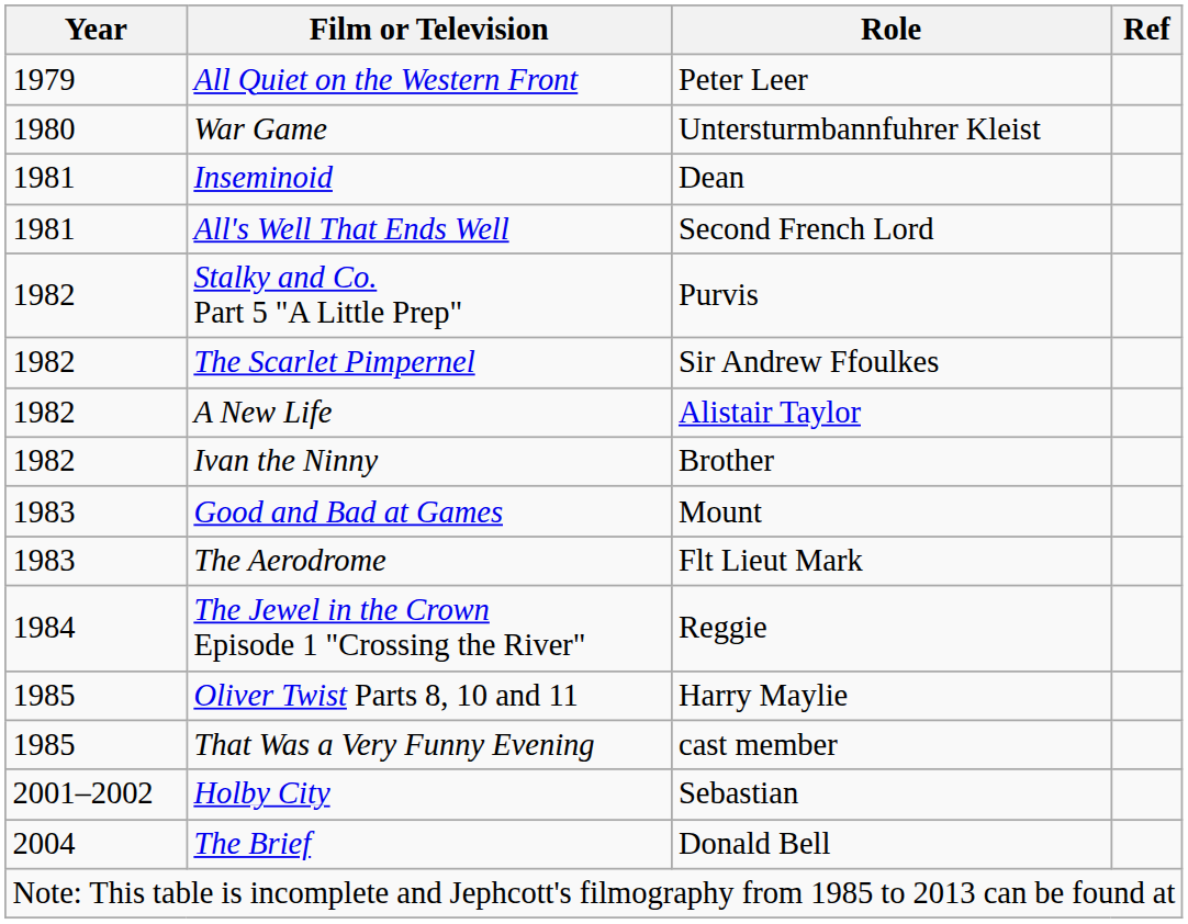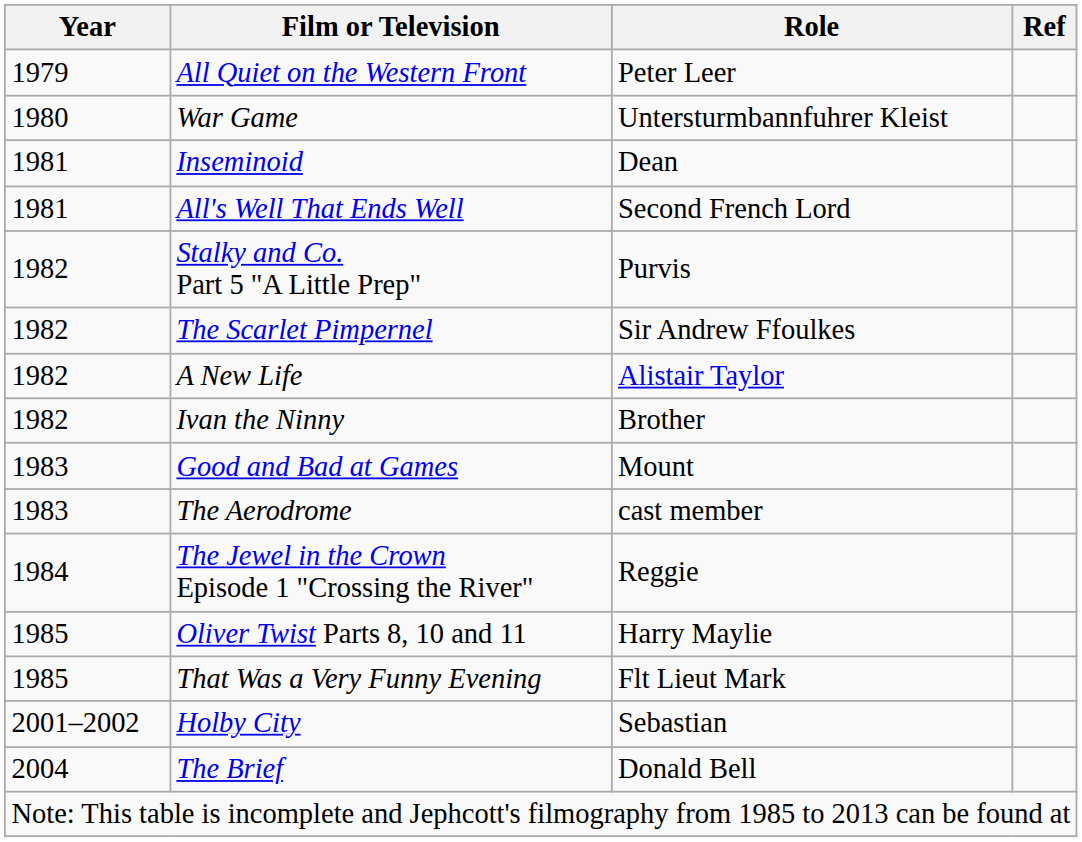 <table class="wikitable">
 <tr>
 <th>Year</th>
 <th>Film or Television</th>
 <th>Role</th>
 <th>Ref</th>
 </tr>
 <tr>
 <td>1979</td>
 <td><a href='#'><em>All Quiet on the Western Front</em></a></td>
 <td>Peter Leer</td>
 <td></td>
 </tr>
 <tr>
 <td>1980</td>
 <td><em>War Game</em></td>
 <td>Untersturmbannfuhrer Kleist</td>
 <td></td>
 </tr>
 <tr>
 <td>1981</td>
 <td><em><a href='#'>Inseminoid</a></em></td>
 <td>Dean</td>
 <td></td>
 </tr>
 <tr>
 <td>1981</td>
 <td><em><a href='#'>All's Well That Ends Well</a></em></td>
 <td>Second French Lord</td>
 <td></td>
 </tr>
 <tr>
 <td>1982</td>
 <td><em><a href='#'>Stalky and Co.</a></em><br>Part 5 "A Little Prep"</td>
 <td>Purvis</td>
 <td></td>
 </tr>
 <tr>
 <td>1982</td>
 <td><a href='#'><em>The Scarlet Pimpernel</em></a></td>
 <td>Sir Andrew Ffoulkes</td>
 <td></td>
 </tr>
 <tr>
 <td>1982</td>
 <td><em>A New Life</em></td>
 <td><a href='#'>Alistair Taylor</a></td>
 <td></td>
 </tr>
 <tr>
 <td>1982</td>
 <td><em>Ivan the Ninny</em></td>
 <td>Brother</td>
 <td></td>
 </tr>
 <tr>
 <td>1983</td>
 <td><em><a href='#'>Good and Bad at Games</a></em></td>
 <td>Mount</td>
 <td></td>
 </tr>
 <tr>
 <td>1983</td>
 <td><em>The Aerodrome</em></td>
-<td>Flt Lieut Mark</td>
+<td>cast member</td>
 <td></td>
 </tr>
 <tr>
 <td>1984</td>
 <td><a href='#'><em>The Jewel in the Crown</em></a><br>Episode 1 "Crossing the River"</td>
 <td>Reggie</td>
 <td></td>
 </tr>
 <tr>
 <td>1985</td>
 <td><a href='#'><em>Oliver Twist</em></a> Parts 8, 10 and 11</td>
 <td>Harry Maylie</td>
 <td></td>
 </tr>
 <tr>
 <td>1985</td>
 <td><em>That Was a Very Funny Evening</em></td>
-<td>cast member</td>
+<td>Flt Lieut Mark</td>
 <td></td>
 </tr>
 <tr>
 <td>2001–2002</td>
 <td><em><a href='#'>Holby City</a></em></td>
 <td>Sebastian</td>
 <td></td>
 </tr>
 <tr>
 <td>2004</td>
 <td><em><a href='#'>The Brief</a></em></td>
 <td>Donald Bell</td>
 <td></td>
 </tr>
 <tr>
 <td colspan="4">Note: This table is incomplete and Jephcott's filmography from 1985 to 2013 can be found at </td>
 </tr>
 </table>
